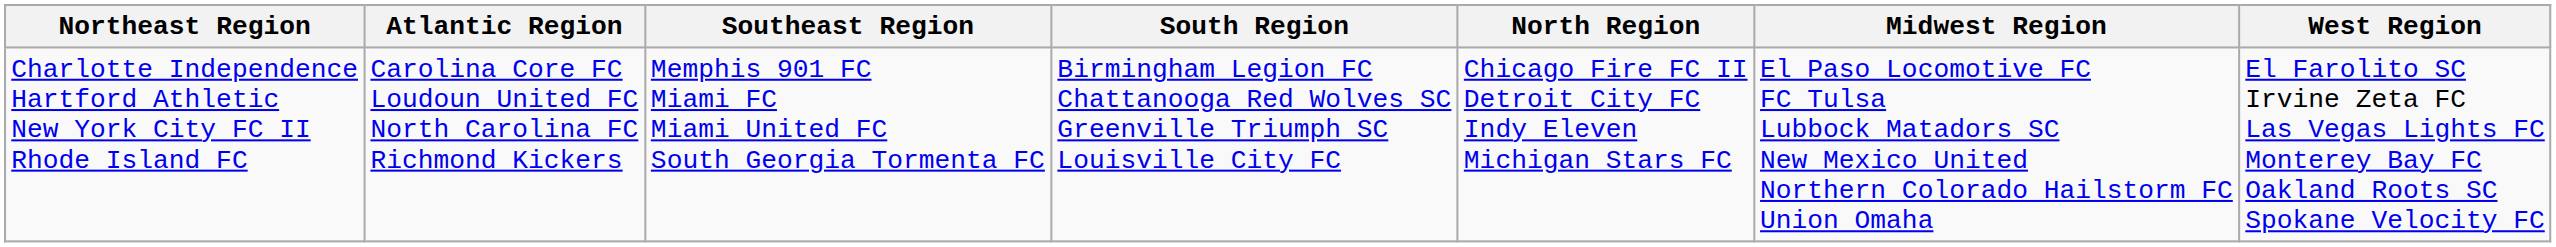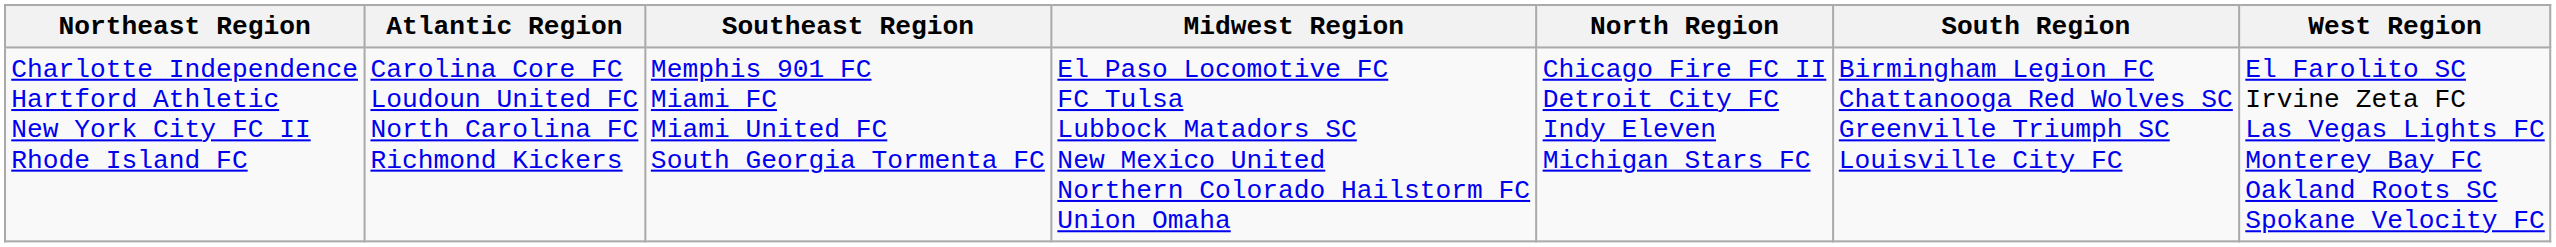 <table class="wikitable">
 <tr>
 <th>Northeast Region</th>
 <th>Atlantic Region</th>
 <th>Southeast Region</th>
+<th>Midwest Region</th>
+<th>North Region</th>
 <th>South Region</th>
-<th>North Region</th>
-<th>Midwest Region</th>
 <th>West Region</th>
 </tr>
 <tr valign="top">
 <td><a href='#'>Charlotte Independence</a> <br> <a href='#'>Hartford Athletic</a> <br> <a href='#'>New York City FC II</a> <br> <a href='#'>Rhode Island FC</a></td>
 <td><a href='#'>Carolina Core FC</a> <br> <a href='#'>Loudoun United FC</a> <br> <a href='#'>North Carolina FC</a> <br> <a href='#'>Richmond Kickers</a></td>
 <td><a href='#'>Memphis 901 FC</a> <br> <a href='#'>Miami FC</a> <br> <a href='#'>Miami United FC</a> <br> <a href='#'>South Georgia Tormenta FC</a></td>
+<td><a href='#'>El Paso Locomotive FC</a> <br> <a href='#'>FC Tulsa</a> <br> <a href='#'>Lubbock Matadors SC</a> <br> <a href='#'>New Mexico United</a> <br> <a href='#'>Northern Colorado Hailstorm FC</a> <br> <a href='#'>Union Omaha</a></td>
+<td><a href='#'>Chicago Fire FC II</a> <br> <a href='#'>Detroit City FC</a> <br> <a href='#'>Indy Eleven</a> <br> <a href='#'>Michigan Stars FC</a> <br></td>
 <td><a href='#'>Birmingham Legion FC</a> <br> <a href='#'>Chattanooga Red Wolves SC</a> <br> <a href='#'>Greenville Triumph SC</a> <br> <a href='#'>Louisville City FC</a> <br></td>
-<td><a href='#'>Chicago Fire FC II</a> <br> <a href='#'>Detroit City FC</a> <br> <a href='#'>Indy Eleven</a> <br> <a href='#'>Michigan Stars FC</a> <br></td>
-<td><a href='#'>El Paso Locomotive FC</a> <br> <a href='#'>FC Tulsa</a> <br> <a href='#'>Lubbock Matadors SC</a> <br> <a href='#'>New Mexico United</a> <br> <a href='#'>Northern Colorado Hailstorm FC</a> <br> <a href='#'>Union Omaha</a></td>
 <td><a href='#'>El Farolito SC</a> <br> Irvine Zeta FC <br> <a href='#'>Las Vegas Lights FC</a> <br> <a href='#'>Monterey Bay FC</a> <br> <a href='#'>Oakland Roots SC</a> <br> <a href='#'>Spokane Velocity FC</a></td>
 </tr>
 </table>
